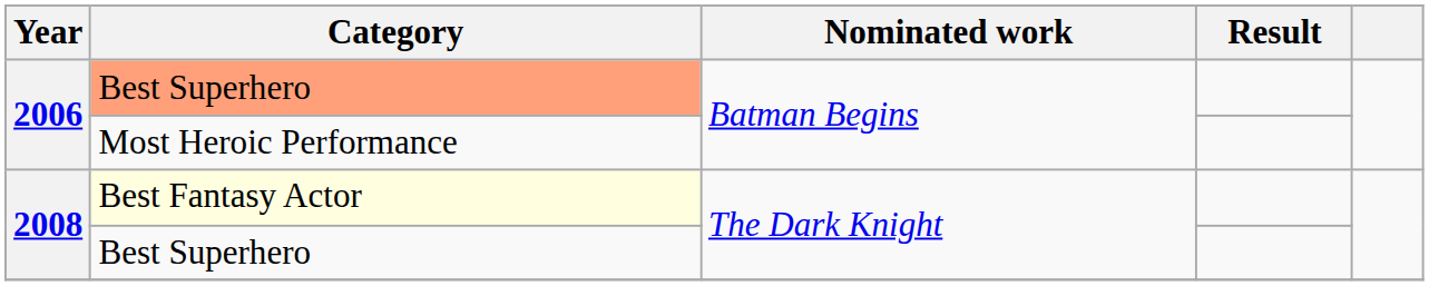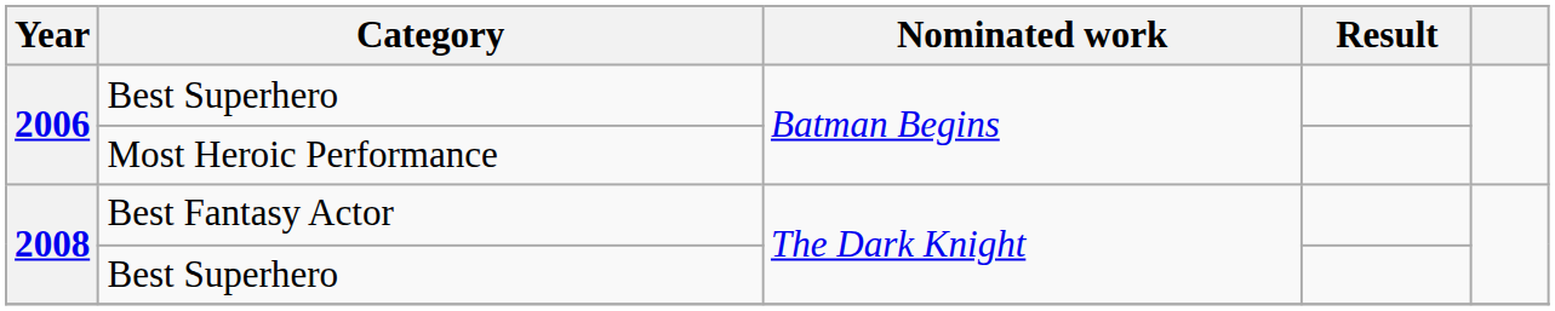 <table class="wikitable sortable">
 <tr>
 <th style="width:6%;" scope="col">Year</th>
 <th style="width:43%;" scope="col">Category</th>
 <th style="width:35%;" scope="col">Nominated work</th>
 <th style="width:11%;" scope="col">Result</th>
 <th style="width:5%;" scope="col" class="unsortable"></th>
 </tr>
 <tr>
 <th scope="row" style="text-align:center;" rowspan="2"><a href='#'>2006</a></th>
-<td style="background: lightsalmon;">Best Superhero</td>
+<td>Best Superhero</td>
 <td rowspan="2"><em><a href='#'>Batman Begins</a></em></td>
 <td></td>
 <td style="text-align:center;" rowspan="2"></td>
 </tr>
 <tr>
 <td>Most Heroic Performance</td>
 <td></td>
 </tr>
 <tr>
 <th scope="row" style="text-align:center;" rowspan="2"><a href='#'>2008</a></th>
-<td style="background: lightyellow;">Best Fantasy Actor</td>
+<td>Best Fantasy Actor</td>
 <td rowspan="2"><em><a href='#'>The Dark Knight</a></em></td>
 <td></td>
 <td style="text-align:center;" rowspan="2"><br></td>
 </tr>
 <tr>
 <td>Best Superhero</td>
 <td></td>
 </tr>
 <tr>
 </tr>
 </table>
